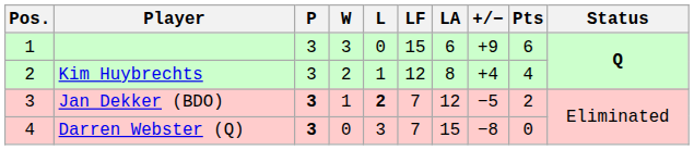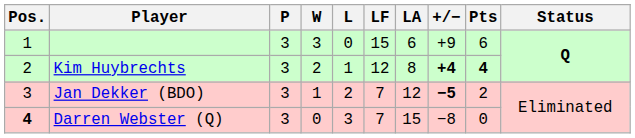 <table class="wikitable" style="text-align:center; margin: 1em auto 1em auto, align:left">
 <tr>
 <th width=20>Pos.</th>
 <th width=175>Player</th>
 <th width=20>P</th>
 <th width=20>W</th>
 <th width=20>L</th>
 <th width=20>LF</th>
 <th width=20>LA</th>
 <th width=25>+/−</th>
 <th width=20>Pts</th>
 <th width=100>Status</th>
 </tr>
 <tr style="background:#CCFFCC;">
 <td>1</td>
 <td style="text-align:left;"></td>
 <td>3</td>
 <td>3</td>
 <td>0</td>
 <td>15</td>
 <td>6</td>
 <td>+9</td>
 <td>6</td>
 <td rowspan=2><strong>Q</strong></td>
 </tr>
 <tr style="background:#CCFFCC;">
 <td>2</td>
 <td style="text-align:left;"> <a href='#'>Kim Huybrechts</a></td>
 <td>3</td>
 <td>2</td>
 <td>1</td>
 <td>12</td>
 <td>8</td>
-<td>+4</td>
-<td>4</td>
+<td><strong>+4</strong></td>
+<td><strong>4</strong></td>
 </tr>
 <tr style="background:#FFCCCC;">
 <td>3</td>
 <td style="text-align:left;"> <a href='#'>Jan Dekker</a> (BDO)</td>
-<td><strong>3</strong></td>
+<td>3</td>
 <td>1</td>
-<td><strong>2</strong></td>
+<td>2</td>
 <td>7</td>
 <td>12</td>
-<td>−5</td>
+<td><strong>−5</strong></td>
 <td>2</td>
 <td rowspan=2>Eliminated</td>
 </tr>
 <tr style="background:#FFCCCC;">
-<td>4</td>
+<td><strong>4</strong></td>
 <td style="text-align:left;"> <a href='#'>Darren Webster</a> (Q)</td>
-<td><strong>3</strong></td>
+<td>3</td>
 <td>0</td>
 <td>3</td>
 <td>7</td>
 <td>15</td>
 <td>−8</td>
 <td>0</td>
 </tr>
 </table>
